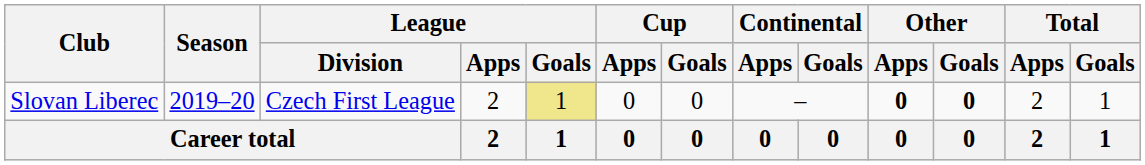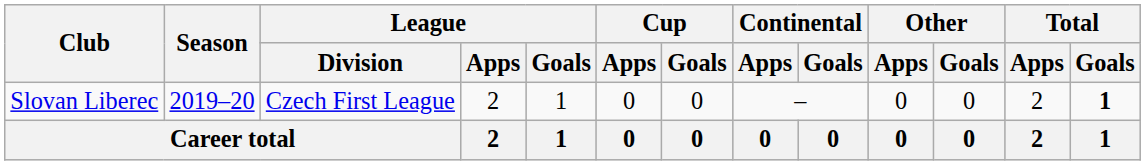 <table class="wikitable" style="text-align: center">
 <tr>
 <th rowspan="2">Club</th>
 <th rowspan="2">Season</th>
 <th colspan="3">League</th>
 <th colspan="2">Cup</th>
 <th colspan="2">Continental</th>
 <th colspan="2">Other</th>
 <th colspan="2">Total</th>
 </tr>
 <tr>
 <th>Division</th>
 <th>Apps</th>
 <th>Goals</th>
 <th>Apps</th>
 <th>Goals</th>
 <th>Apps</th>
 <th>Goals</th>
 <th>Apps</th>
 <th>Goals</th>
 <th>Apps</th>
 <th>Goals</th>
 </tr>
 <tr>
 <td><a href='#'>Slovan Liberec</a></td>
 <td><a href='#'>2019–20</a></td>
 <td><a href='#'>Czech First League</a></td>
 <td>2</td>
-<td style="background: khaki;">1</td>
+<td>1</td>
 <td>0</td>
 <td>0</td>
 <td colspan="2">–</td>
-<td><strong>0</strong></td>
-<td><strong>0</strong></td>
+<td>0</td>
+<td>0</td>
 <td>2</td>
-<td>1</td>
+<td><strong>1</strong></td>
 </tr>
 <tr>
 <th colspan="3"><strong>Career total</strong></th>
 <th>2</th>
 <th>1</th>
 <th>0</th>
 <th>0</th>
 <th>0</th>
 <th>0</th>
 <th>0</th>
 <th>0</th>
 <th>2</th>
 <th>1</th>
 </tr>
 </table>
